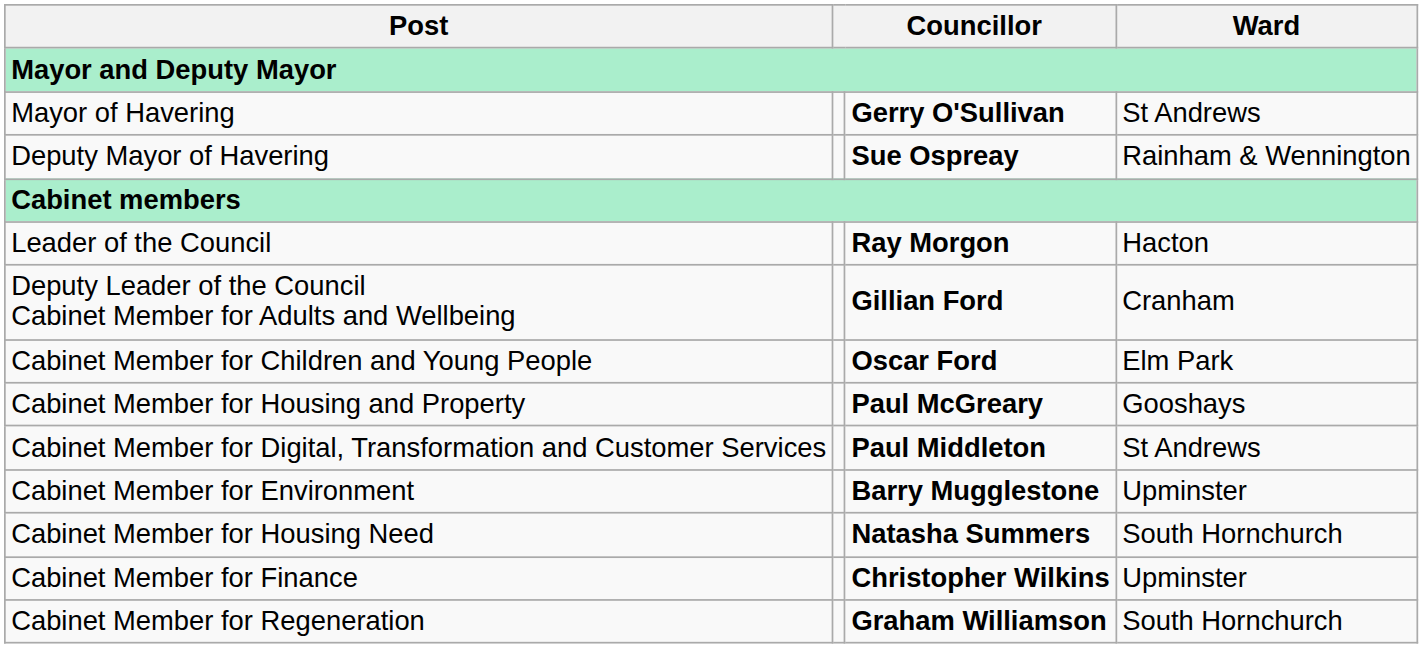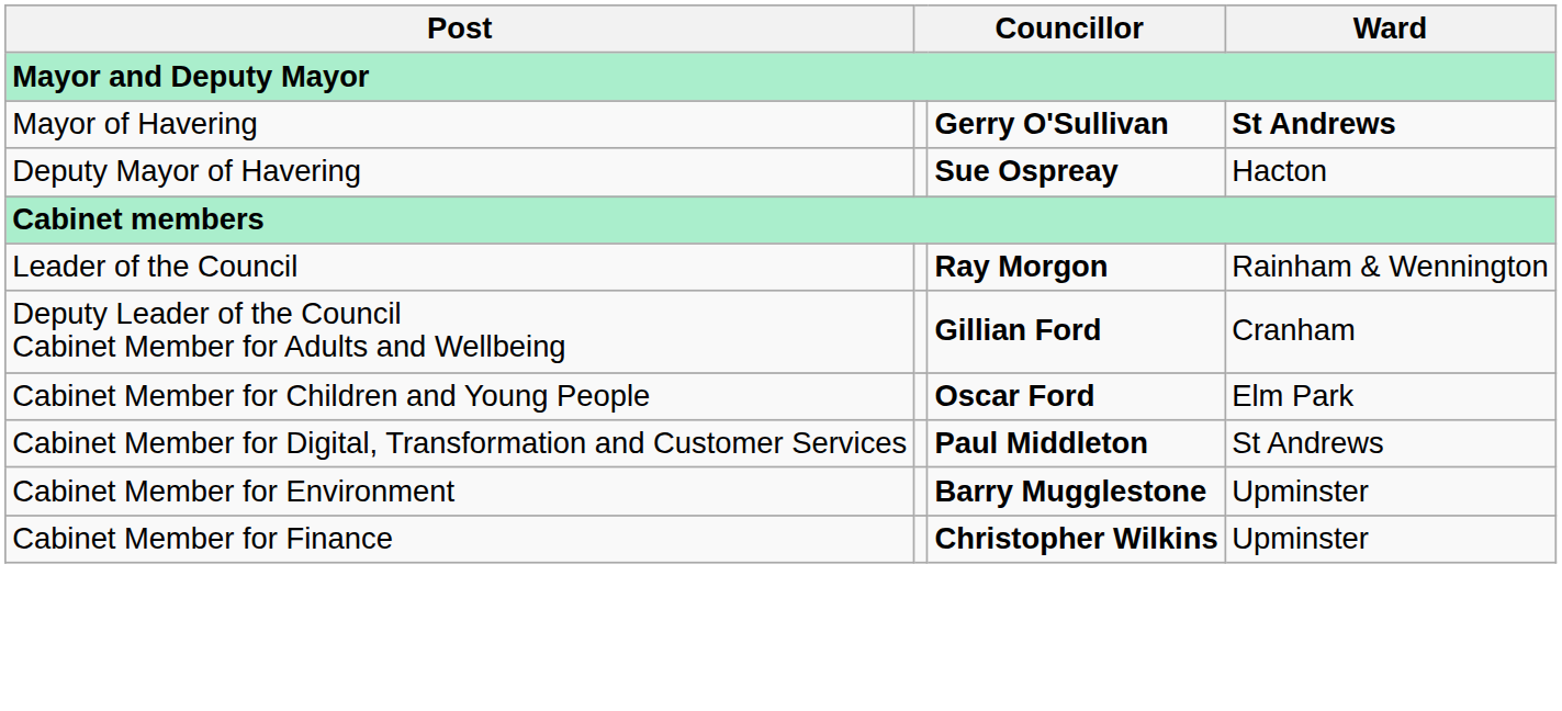 <table class="wikitable">
 <tr>
 <th>Post</th>
 <th colspan=2>Councillor</th>
 <th colspan=1>Ward</th>
 </tr>
 <tr>
 <td style="background:#aaeecc;" colspan="4"><strong>Mayor and Deputy Mayor</strong></td>
 </tr>
 <tr>
 <td>Mayor of Havering</td>
 <td style="background:"></td>
 <td><strong>Gerry O'Sullivan</strong></td>
-<td>St Andrews</td>
+<td><strong>St Andrews</strong></td>
 </tr>
 <tr>
 <td>Deputy Mayor of Havering</td>
 <td style="background:"></td>
 <td><strong>Sue Ospreay</strong></td>
-<td>Rainham & Wennington</td>
+<td>Hacton</td>
 </tr>
 <tr>
 <td style="background:#aaeecc;" colspan="4"><strong>Cabinet members</strong></td>
 </tr>
 <tr>
 <td>Leader of the Council</td>
 <td style="background:"></td>
 <td><strong>Ray Morgon</strong></td>
-<td>Hacton</td>
+<td>Rainham & Wennington</td>
 </tr>
 <tr>
 <td>Deputy Leader of the Council<br>Cabinet Member for Adults and Wellbeing</td>
 <td style="background:"></td>
 <td><strong>Gillian Ford</strong></td>
 <td>Cranham</td>
 </tr>
 <tr>
 <td>Cabinet Member for Children and Young People</td>
 <td style="background:"></td>
 <td><strong>Oscar Ford</strong></td>
 <td>Elm Park</td>
 </tr>
 <tr>
-<td>Cabinet Member for Housing and Property</td>
-<td style="background:"></td>
-<td><strong>Paul McGreary</strong></td>
-<td>Gooshays</td>
-</tr>
-<tr>
 <td>Cabinet Member for Digital, Transformation and Customer Services</td>
 <td style="background:"></td>
 <td><strong>Paul Middleton</strong></td>
 <td>St Andrews</td>
 </tr>
 <tr>
 <td>Cabinet Member for Environment</td>
 <td style="background:"></td>
 <td><strong>Barry Mugglestone</strong></td>
 <td>Upminster</td>
 </tr>
 <tr>
-<td>Cabinet Member for Housing Need</td>
-<td style="background:"></td>
-<td><strong>Natasha Summers</strong></td>
-<td>South Hornchurch</td>
-</tr>
-<tr>
 <td>Cabinet Member for Finance</td>
 <td style="background:"></td>
 <td><strong>Christopher Wilkins</strong></td>
 <td>Upminster</td>
 </tr>
-<tr>
-<td>Cabinet Member for Regeneration</td>
-<td style="background:"></td>
-<td><strong>Graham Williamson</strong></td>
-<td>South Hornchurch</td>
-</tr>
 </table>
